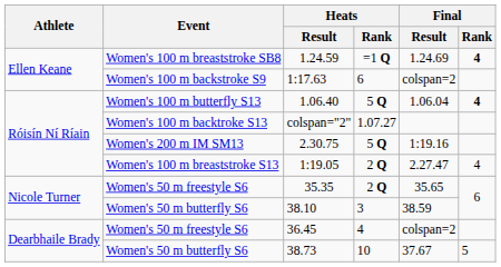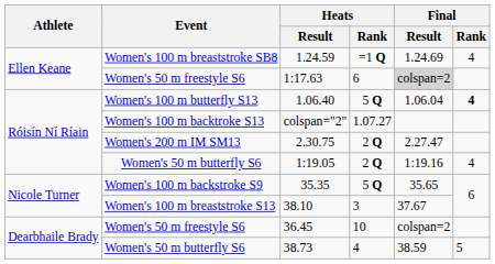 <table class="wikitable" style="font-size:90%">
 <tr>
 <th rowspan="2">Athlete</th>
 <th rowspan="2">Event</th>
 <th colspan="2">Heats</th>
 <th colspan="2">Final</th>
 </tr>
 <tr>
 <th>Result</th>
 <th>Rank</th>
 <th>Result</th>
 <th>Rank</th>
 </tr>
 <tr align="center">
 <td rowspan="2" align="left"><a href='#'>Ellen Keane</a></td>
 <td align="left"><a href='#'>Women's 100 m breaststroke SB8</a></td>
 <td>1.24.59</td>
 <td>=1 <strong>Q</strong></td>
 <td>1.24.69</td>
-<td><strong>4</strong></td>
+<td>4</td>
 </tr>
 <tr>
-<td align=left><a href='#'>Women's 100 m backstroke S9</a></td>
+<td align=left><a href='#'>Women's 50 m freestyle S6</a></td>
 <td>1:17.63</td>
 <td>6</td>
-<td>colspan=2 </td>
+<td style="background: lightgrey;">colspan=2 </td>
 </tr>
 <tr align="center">
 <td rowspan="4" align="left"><a href='#'>Róisín Ní Ríain</a></td>
 <td align="left"><a href='#'>Women's 100 m butterfly S13</a></td>
 <td>1.06.40</td>
 <td>5 <strong>Q</strong></td>
 <td>1.06.04</td>
 <td><strong>4</strong></td>
 </tr>
 <tr align=center>
 <td align=left><a href='#'>Women's 100 m backtroke S13</a></td>
 <td>colspan="2" </td>
 <td>1.07.27</td>
 <td></td>
 </tr>
 <tr align=center>
 <td align=left><a href='#'>Women's 200 m IM SM13</a></td>
 <td>2.30.75</td>
-<td>5 <strong>Q</strong></td>
-<td>1:19.16</td>
+<td>2 <strong>Q</strong></td>
+<td>2.27.47</td>
 <td></td>
 </tr>
 <tr align=center>
-<td align=left><a href='#'>Women's 100 m breaststroke S13</a></td>
+<td><a href='#'>Women's 50 m butterfly S6</a></td>
 <td>1:19.05</td>
 <td>2 <strong>Q</strong></td>
-<td>2.27.47</td>
+<td>1:19.16</td>
 <td>4</td>
 </tr>
 <tr align=center>
 <td rowspan="2" align=left><a href='#'>Nicole Turner</a></td>
-<td align=left><a href='#'>Women's 50 m freestyle S6</a></td>
+<td align=left><a href='#'>Women's 100 m backstroke S9</a></td>
 <td>35.35</td>
-<td>2 <strong>Q</strong></td>
+<td>5 <strong>Q</strong></td>
 <td>35.65</td>
 <td rowspan="2">6</td>
 </tr>
 <tr>
-<td><a href='#'>Women's 50 m butterfly S6</a></td>
+<td align=left><a href='#'>Women's 100 m breaststroke S13</a></td>
 <td>38.10</td>
 <td>3</td>
-<td>38.59</td>
+<td>37.67</td>
 </tr>
 <tr>
 <td rowspan="2" align=left><a href='#'>Dearbhaile Brady</a></td>
 <td align left><a href='#'>Women's 50 m freestyle S6</a></td>
 <td>36.45</td>
-<td>4</td>
+<td>10</td>
 <td>colspan=2 </td>
 </tr>
 <tr>
 <td><a href='#'>Women's 50 m butterfly S6</a></td>
 <td>38.73</td>
-<td>10</td>
-<td>37.67</td>
+<td>4</td>
+<td>38.59</td>
 <td>5</td>
 </tr>
 </table>
